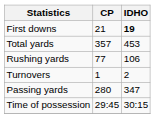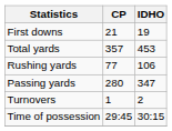 <table class="wikitable" style="float: left;">
 <tr>
 <th>Statistics</th>
 <th>CP</th>
 <th>IDHO</th>
 </tr>
 <tr>
 <td>First downs</td>
 <td>21</td>
-<td><strong>19</strong></td>
+<td>19</td>
 </tr>
 <tr>
 <td>Total yards</td>
 <td>357</td>
 <td>453</td>
 </tr>
 <tr>
 <td>Rushing yards</td>
 <td>77</td>
 <td>106</td>
 </tr>
 <tr>
+<td>Passing yards</td>
+<td>280</td>
+<td>347</td>
+</tr>
+<tr>
 <td>Turnovers</td>
 <td>1</td>
 <td>2</td>
-</tr>
-<tr>
-<td>Passing yards</td>
-<td>280</td>
-<td>347</td>
 </tr>
 <tr>
 <td>Time of possession</td>
 <td>29:45</td>
 <td>30:15</td>
 </tr>
 <tr>
 </tr>
 </table>
